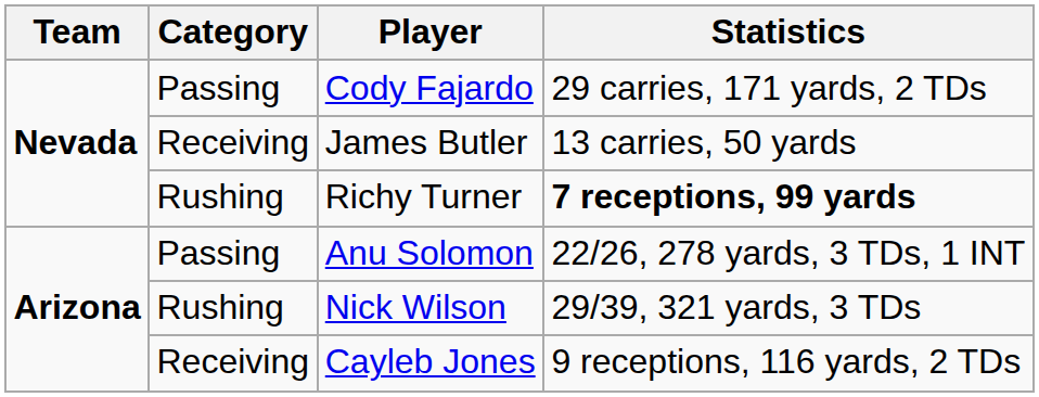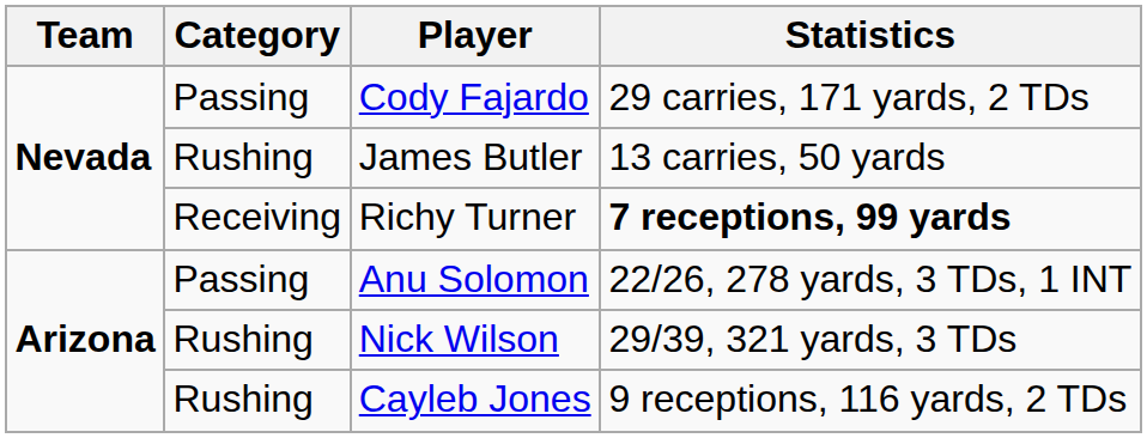 <table class="wikitable" style="float: left;">
 <tr>
 <th>Team</th>
 <th>Category</th>
 <th>Player</th>
 <th>Statistics</th>
 </tr>
 <tr>
 <td rowspan=3><strong>Nevada</strong></td>
 <td>Passing</td>
 <td><a href='#'>Cody Fajardo</a></td>
 <td>29 carries, 171 yards, 2 TDs</td>
 </tr>
 <tr>
-<td>Receiving</td>
+<td>Rushing</td>
 <td>James Butler</td>
 <td>13 carries, 50 yards</td>
 </tr>
 <tr>
-<td>Rushing</td>
+<td>Receiving</td>
 <td>Richy Turner</td>
 <td><strong>7 receptions, 99 yards</strong></td>
 </tr>
 <tr>
 <td rowspan=3><strong>Arizona</strong></td>
 <td>Passing</td>
 <td><a href='#'>Anu Solomon</a></td>
 <td>22/26, 278 yards, 3 TDs, 1 INT</td>
 </tr>
 <tr>
 <td>Rushing</td>
 <td><a href='#'>Nick Wilson</a></td>
 <td>29/39, 321 yards, 3 TDs</td>
 </tr>
 <tr>
-<td>Receiving</td>
+<td>Rushing</td>
 <td><a href='#'>Cayleb Jones</a></td>
 <td>9 receptions, 116 yards, 2 TDs</td>
 </tr>
 </table>
